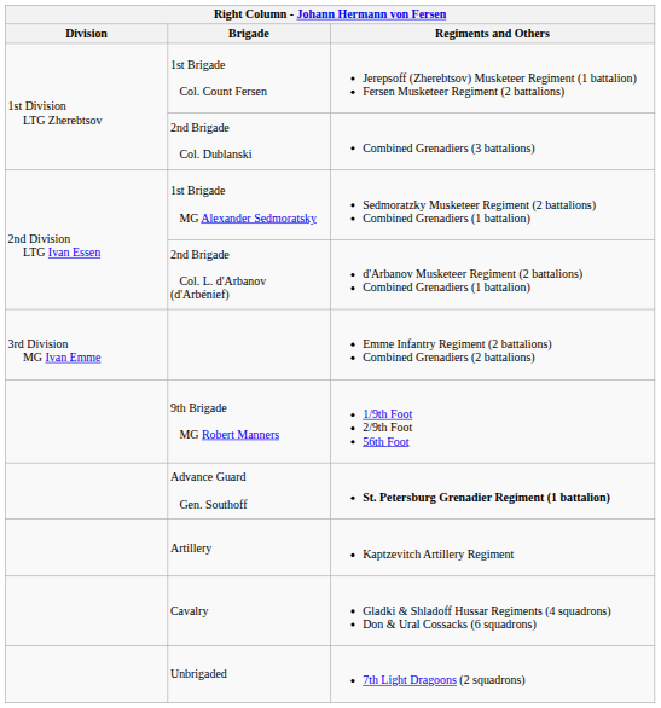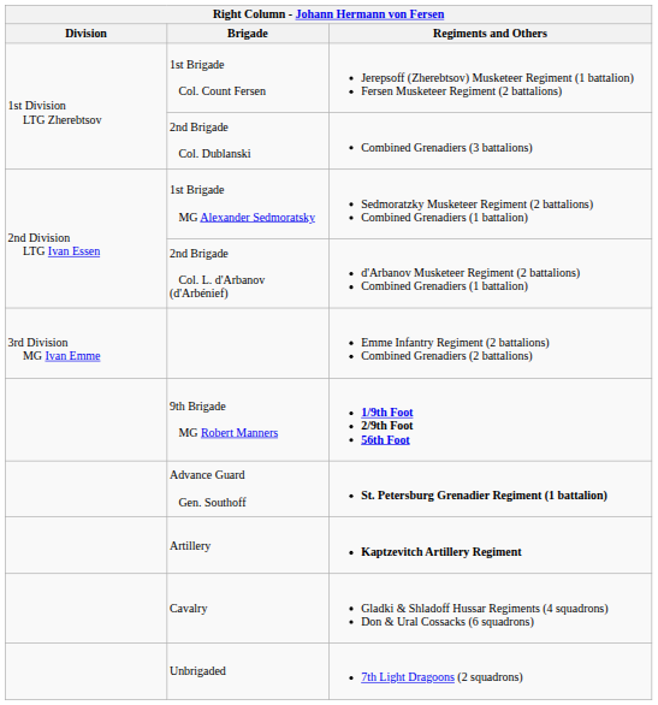 <table class="wikitable">
 <tr valign="top">
 <th colspan="9" bgcolor="white"><strong>Right Column</strong> - <a href='#'>Johann Hermann von Fersen</a></th>
 </tr>
 <tr>
 <th width=25%>Division</th>
 <th width=25%>Brigade</th>
 <th>Regiments and Others</th>
 </tr>
 <tr>
 <td rowspan=2><br>1st Division <br>     LTG Zherebtsov</td>
 <td>1st Brigade<br><br>   Col. Count Fersen</td>
 <td><br><ul><li>Jerepsoff (Zherebtsov) Musketeer Regiment (1 battalion)</li><li>Fersen Musketeer Regiment (2 battalions)</li></ul></td>
 </tr>
 <tr>
 <td>2nd Brigade<br><br>   Col. Dublanski</td>
 <td><br><ul><li>Combined Grenadiers (3 battalions)</li></ul></td>
 </tr>
 <tr>
 <td rowspan=2><br>2nd Division <br>     LTG <a href='#'>Ivan Essen</a></td>
 <td>1st Brigade<br><br>   MG <a href='#'>Alexander Sedmoratsky</a></td>
 <td><br><ul><li>Sedmoratzky Musketeer Regiment (2 battalions)</li><li>Combined Grenadiers (1 battalion)</li></ul></td>
 </tr>
 <tr>
 <td>2nd Brigade<br><br>   Col. L. d'Arbanov (d'Arbénief)</td>
 <td><br><ul><li>d'Arbanov Musketeer Regiment (2 battalions)</li><li>Combined Grenadiers (1 battalion)</li></ul></td>
 </tr>
 <tr>
 <td rowspan=1><br>3rd Division <br>     MG <a href='#'>Ivan Emme</a></td>
 <td></td>
 <td><br><ul><li>Emme Infantry Regiment (2 battalions)</li><li>Combined Grenadiers (2 battalions)</li></ul></td>
 </tr>
 <tr>
 <td></td>
 <td>9th Brigade<br><br>   MG <a href='#'>Robert Manners</a></td>
-<td><br><ul><li><a href='#'>1/9th Foot</a></li><li>2/9th Foot</li><li><a href='#'>56th Foot</a></li></ul></td>
+<td><strong><br><ul><li><a href='#'>1/9th Foot</a></li><li>2/9th Foot</li><li><a href='#'>56th Foot</a></li></ul></strong></td>
 </tr>
 <tr>
 <td></td>
 <td>Advance Guard<br><br>   Gen. Southoff</td>
 <td><strong><br><ul><li>St. Petersburg Grenadier Regiment (1 battalion)</li></ul></strong></td>
 </tr>
 <tr>
 <td></td>
 <td>Artillery</td>
-<td><br><ul><li>Kaptzevitch Artillery Regiment</li></ul></td>
+<td><strong><br><ul><li>Kaptzevitch Artillery Regiment</li></ul></strong></td>
 </tr>
 <tr>
 <td></td>
 <td>Cavalry</td>
 <td><br><ul><li>Gladki & Shladoff Hussar Regiments (4 squadrons)</li><li>Don & Ural Cossacks (6 squadrons)</li></ul></td>
 </tr>
 <tr>
 <td></td>
 <td>Unbrigaded</td>
 <td><br><ul><li><a href='#'>7th Light Dragoons</a> (2 squadrons)</li></ul></td>
 </tr>
 </table>
